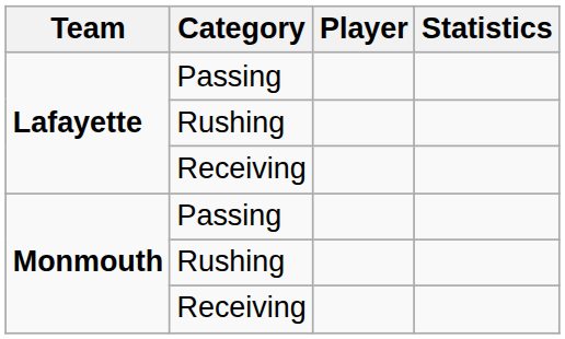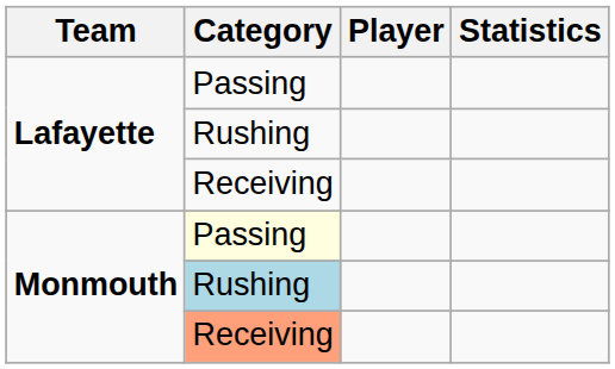 <table class="wikitable" style="float: right;">
 <tr>
 <th>Team</th>
 <th>Category</th>
 <th>Player</th>
 <th>Statistics</th>
 </tr>
 <tr>
 <td rowspan=3><strong>Lafayette</strong></td>
 <td>Passing</td>
 <td></td>
 <td></td>
 </tr>
 <tr>
 <td>Rushing</td>
 <td></td>
 <td></td>
 </tr>
 <tr>
 <td>Receiving</td>
 <td></td>
 <td></td>
 </tr>
 <tr>
 <td rowspan=3><strong>Monmouth</strong></td>
-<td>Passing</td>
+<td style="background: lightyellow;">Passing</td>
 <td></td>
 <td></td>
 </tr>
 <tr>
-<td>Rushing</td>
+<td style="background: lightblue;">Rushing</td>
 <td></td>
 <td></td>
 </tr>
 <tr>
-<td>Receiving</td>
+<td style="background: lightsalmon;">Receiving</td>
 <td></td>
 <td></td>
 </tr>
 </table>
